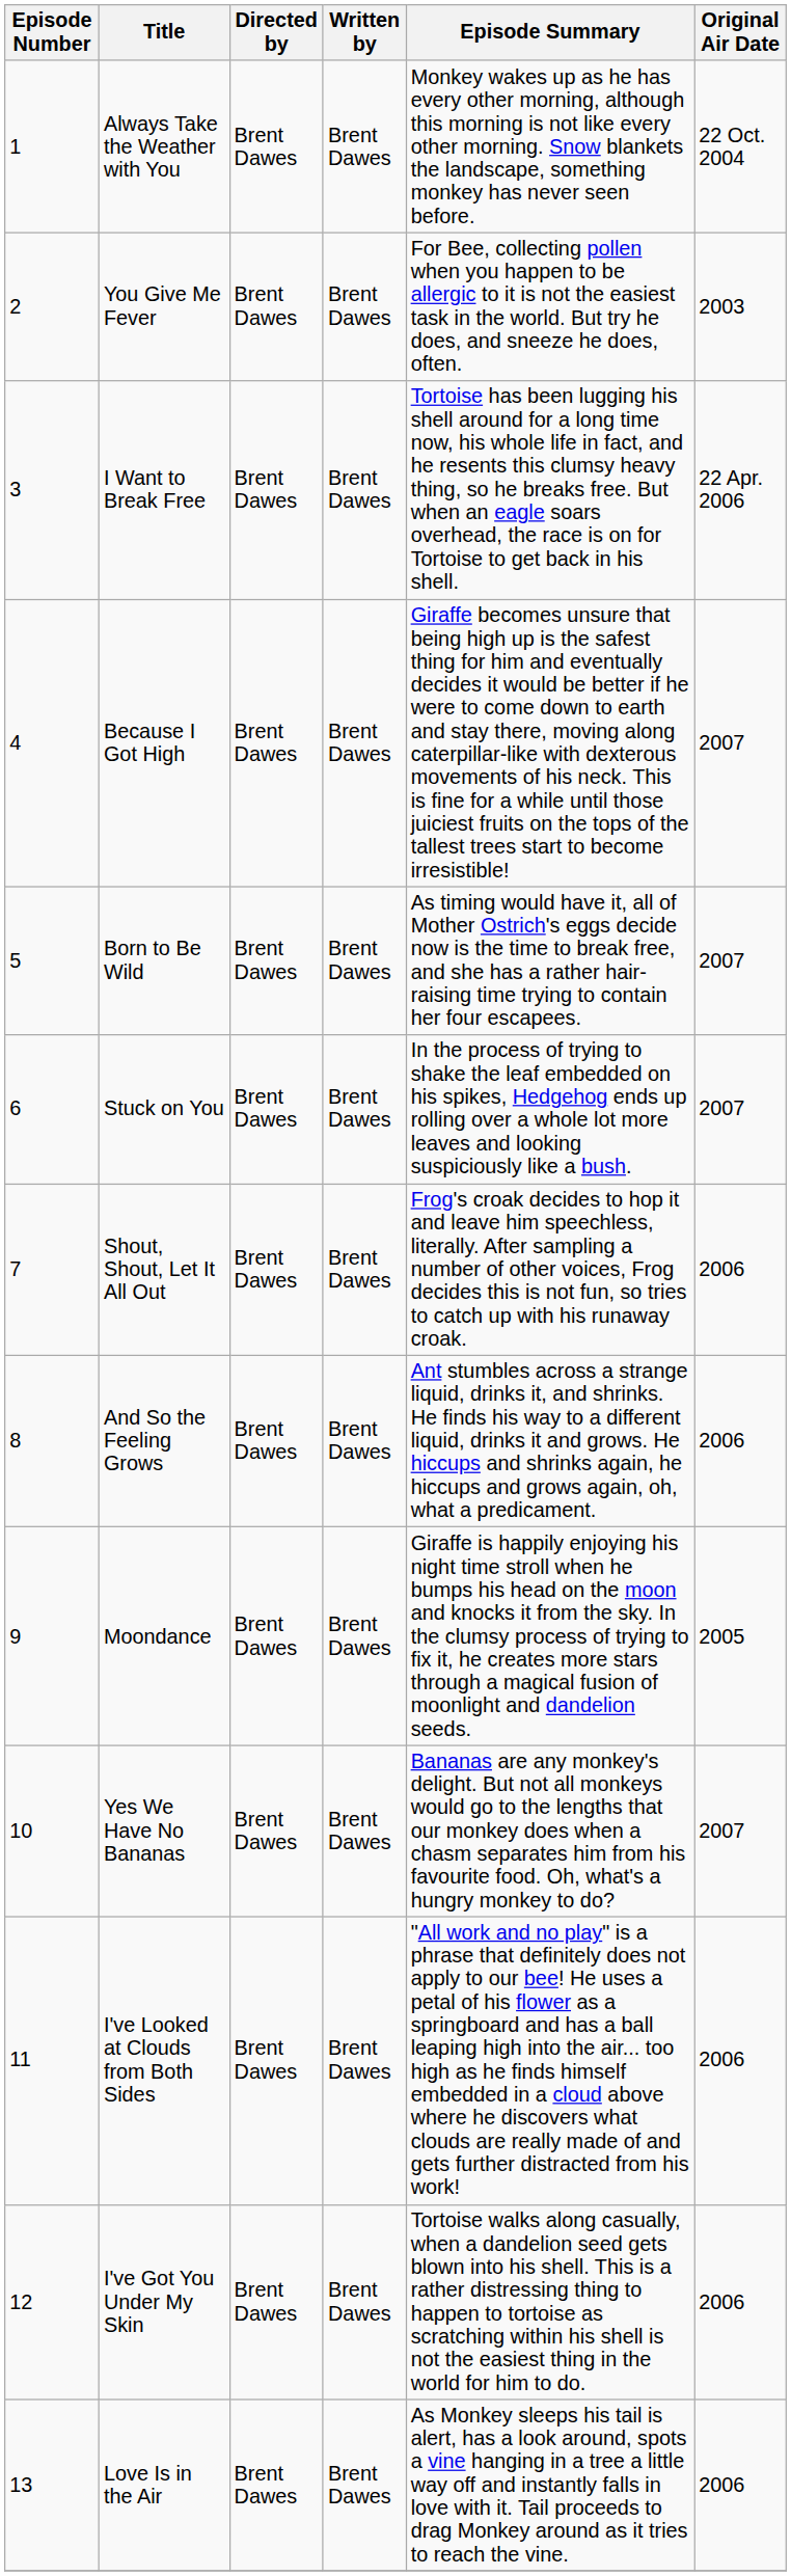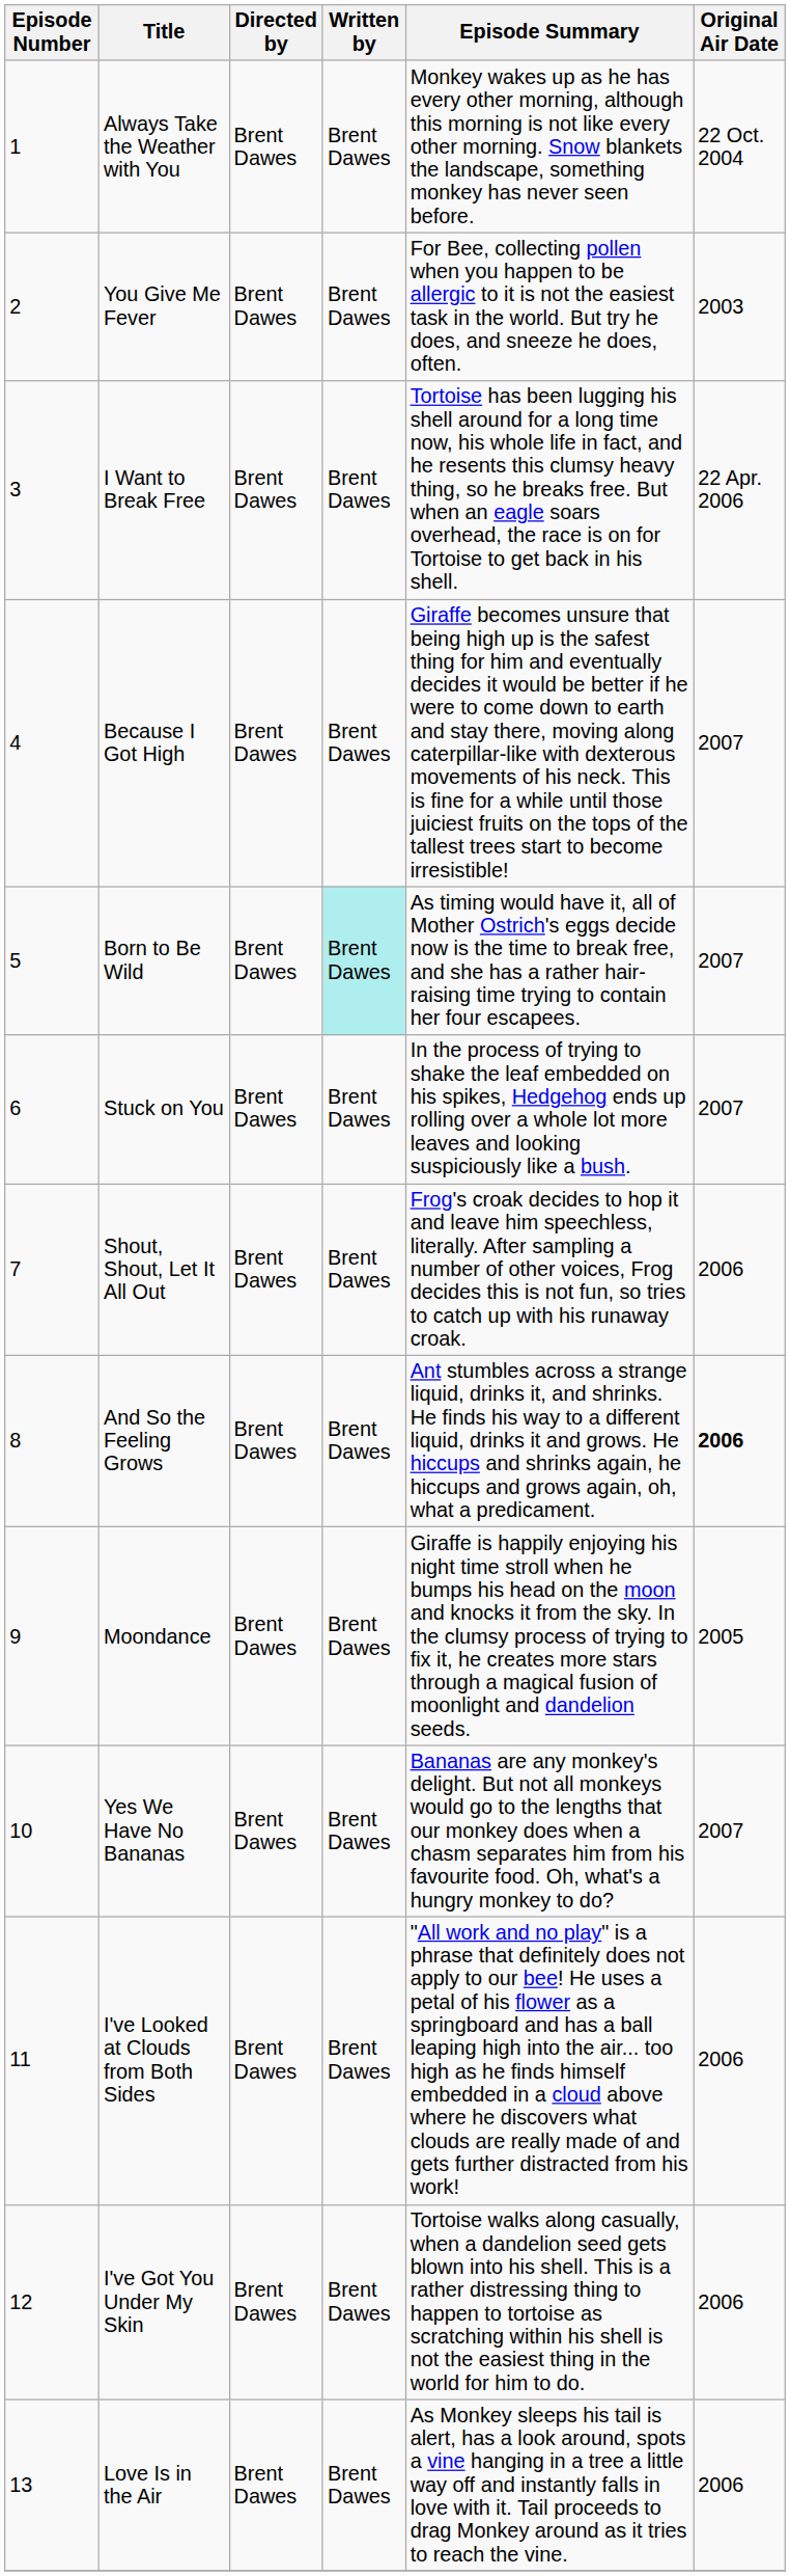 <table class="wikitable">
 <tr>
 <th>Episode Number</th>
 <th>Title</th>
 <th>Directed by</th>
 <th>Written by</th>
 <th>Episode Summary</th>
 <th>Original Air Date</th>
 </tr>
 <tr>
 <td>1</td>
 <td>Always Take the Weather with You</td>
 <td>Brent Dawes</td>
 <td>Brent Dawes</td>
 <td>Monkey wakes up as he has every other morning, although this morning is not like every other morning. <a href='#'>Snow</a> blankets the landscape, something monkey has never seen before.</td>
 <td>22 Oct. 2004</td>
 </tr>
 <tr>
 <td>2</td>
 <td>You Give Me Fever</td>
 <td>Brent Dawes</td>
 <td>Brent Dawes</td>
 <td>For Bee, collecting <a href='#'>pollen</a> when you happen to be <a href='#'>allergic</a> to it is not the easiest task in the world. But try he does, and sneeze he does, often.</td>
 <td>2003</td>
 </tr>
 <tr>
 <td>3</td>
 <td>I Want to Break Free</td>
 <td>Brent Dawes</td>
 <td>Brent Dawes</td>
 <td><a href='#'>Tortoise</a> has been lugging his shell around for a long time now, his whole life in fact, and he resents this clumsy heavy thing, so he breaks free. But when an <a href='#'>eagle</a> soars overhead, the race is on for Tortoise to get back in his shell.</td>
 <td>22 Apr. 2006</td>
 </tr>
 <tr>
 <td>4</td>
 <td>Because I Got High</td>
 <td>Brent Dawes</td>
 <td>Brent Dawes</td>
 <td><a href='#'>Giraffe</a> becomes unsure that being high up is the safest thing for him and eventually decides it would be better if he were to come down to earth and stay there, moving along caterpillar-like with dexterous movements of his neck. This is fine for a while until those juiciest fruits on the tops of the tallest trees start to become irresistible!</td>
 <td>2007</td>
 </tr>
 <tr>
 <td>5</td>
 <td>Born to Be Wild</td>
 <td>Brent Dawes</td>
-<td>Brent Dawes</td>
+<td style="background: paleturquoise;">Brent Dawes</td>
 <td>As timing would have it, all of Mother <a href='#'>Ostrich</a>'s eggs decide now is the time to break free, and she has a rather hair-raising time trying to contain her four escapees.</td>
 <td>2007</td>
 </tr>
 <tr>
 <td>6</td>
 <td>Stuck on You</td>
 <td>Brent Dawes</td>
 <td>Brent Dawes</td>
 <td>In the process of trying to shake the leaf embedded on his spikes, <a href='#'>Hedgehog</a> ends up rolling over a whole lot more leaves and looking suspiciously like a <a href='#'>bush</a>.</td>
 <td>2007</td>
 </tr>
 <tr>
 <td>7</td>
 <td>Shout, Shout, Let It All Out</td>
 <td>Brent Dawes</td>
 <td>Brent Dawes</td>
 <td><a href='#'>Frog</a>'s croak decides to hop it and leave him speechless, literally. After sampling a number of other voices, Frog decides this is not fun, so tries to catch up with his runaway croak.</td>
 <td>2006</td>
 </tr>
 <tr>
 <td>8</td>
 <td>And So the Feeling Grows</td>
 <td>Brent Dawes</td>
 <td>Brent Dawes</td>
 <td><a href='#'>Ant</a> stumbles across a strange liquid, drinks it, and shrinks. He finds his way to a different liquid, drinks it and grows. He <a href='#'>hiccups</a> and shrinks again, he hiccups and grows again, oh, what a predicament.</td>
-<td>2006</td>
+<td><strong>2006</strong></td>
 </tr>
 <tr>
 <td>9</td>
 <td>Moondance</td>
 <td>Brent Dawes</td>
 <td>Brent Dawes</td>
 <td>Giraffe is happily enjoying his night time stroll when he bumps his head on the <a href='#'>moon</a> and knocks it from the sky. In the clumsy process of trying to fix it, he creates more stars through a magical fusion of moonlight and <a href='#'>dandelion</a> seeds.</td>
 <td>2005</td>
 </tr>
 <tr>
 <td>10</td>
 <td>Yes We Have No Bananas</td>
 <td>Brent Dawes</td>
 <td>Brent Dawes</td>
 <td><a href='#'>Bananas</a> are any monkey's delight. But not all monkeys would go to the lengths that our monkey does when a chasm separates him from his favourite food. Oh, what's a hungry monkey to do?</td>
 <td>2007</td>
 </tr>
 <tr>
 <td>11</td>
 <td>I've Looked at Clouds from Both Sides</td>
 <td>Brent Dawes</td>
 <td>Brent Dawes</td>
 <td>"<a href='#'>All work and no play</a>" is a phrase that definitely does not apply to our <a href='#'>bee</a>! He uses a petal of his <a href='#'>flower</a> as a springboard and has a ball leaping high into the air... too high as he finds himself embedded in a <a href='#'>cloud</a> above where he discovers what clouds are really made of and gets further distracted from his work!</td>
 <td>2006</td>
 </tr>
 <tr>
 <td>12</td>
 <td>I've Got You Under My Skin</td>
 <td>Brent Dawes</td>
 <td>Brent Dawes</td>
 <td>Tortoise walks along casually, when a dandelion seed gets blown into his shell. This is a rather distressing thing to happen to tortoise as scratching within his shell is not the easiest thing in the world for him to do.</td>
 <td>2006</td>
 </tr>
 <tr>
 <td>13</td>
 <td>Love Is in the Air</td>
 <td>Brent Dawes</td>
 <td>Brent Dawes</td>
 <td>As Monkey sleeps his tail is alert, has a look around, spots a <a href='#'>vine</a> hanging in a tree a little way off and instantly falls in love with it. Tail proceeds to drag Monkey around as it tries to reach the vine.</td>
 <td>2006</td>
 </tr>
 <tr>
 </tr>
 </table>
